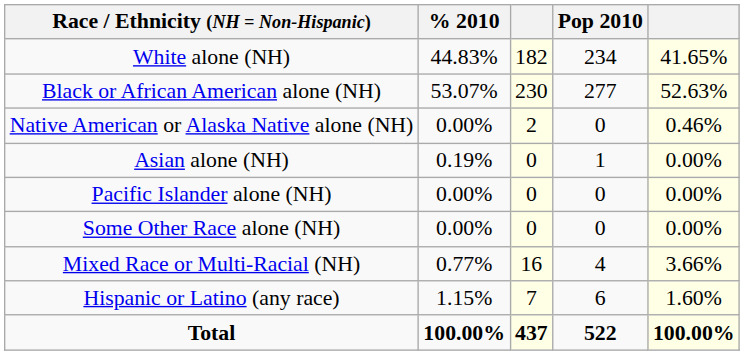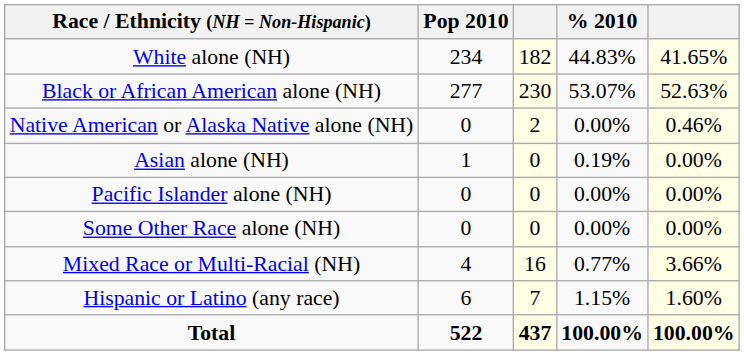 <table class="wikitable" style="text-align:center;">
 <tr>
 <th>Race / Ethnicity <small>(<em>NH = Non-Hispanic</em>)</small></th>
+<th>Pop 2010</th>
+<th></th>
 <th>% 2010</th>
-<th></th>
-<th>Pop 2010</th>
 <th></th>
 </tr>
 <tr>
 <td><a href='#'>White</a> alone (NH)</td>
+<td>234</td>
+<td style='background: #ffffe6;'>182</td>
 <td>44.83%</td>
-<td style='background: #ffffe6;'>182</td>
-<td>234</td>
 <td style='background: #ffffe6;'>41.65%</td>
 </tr>
 <tr>
 <td><a href='#'>Black or African American</a> alone (NH)</td>
+<td>277</td>
+<td style='background: #ffffe6;'>230</td>
 <td>53.07%</td>
-<td style='background: #ffffe6;'>230</td>
-<td>277</td>
 <td style='background: #ffffe6;'>52.63%</td>
 </tr>
 <tr>
 <td><a href='#'>Native American</a> or <a href='#'>Alaska Native</a> alone (NH)</td>
+<td>0</td>
+<td style='background: #ffffe6;'>2</td>
 <td>0.00%</td>
-<td style='background: #ffffe6;'>2</td>
-<td>0</td>
 <td style='background: #ffffe6;'>0.46%</td>
 </tr>
 <tr>
 <td><a href='#'>Asian</a> alone (NH)</td>
+<td>1</td>
+<td style='background: #ffffe6;'>0</td>
 <td>0.19%</td>
-<td style='background: #ffffe6;'>0</td>
-<td>1</td>
 <td style='background: #ffffe6;'>0.00%</td>
 </tr>
 <tr>
 <td><a href='#'>Pacific Islander</a> alone (NH)</td>
+<td>0</td>
+<td style='background: #ffffe6;'>0</td>
 <td>0.00%</td>
-<td style='background: #ffffe6;'>0</td>
-<td>0</td>
 <td style='background: #ffffe6;'>0.00%</td>
 </tr>
 <tr>
 <td><a href='#'>Some Other Race</a> alone (NH)</td>
+<td>0</td>
+<td style='background: #ffffe6;'>0</td>
 <td>0.00%</td>
-<td style='background: #ffffe6;'>0</td>
-<td>0</td>
 <td style='background: #ffffe6;'>0.00%</td>
 </tr>
 <tr>
 <td><a href='#'>Mixed Race or Multi-Racial</a> (NH)</td>
+<td>4</td>
+<td style='background: #ffffe6;'>16</td>
 <td>0.77%</td>
-<td style='background: #ffffe6;'>16</td>
-<td>4</td>
 <td style='background: #ffffe6;'>3.66%</td>
 </tr>
 <tr>
 <td><a href='#'>Hispanic or Latino</a> (any race)</td>
+<td>6</td>
+<td style='background: #ffffe6;'>7</td>
 <td>1.15%</td>
-<td style='background: #ffffe6;'>7</td>
-<td>6</td>
 <td style='background: #ffffe6;'>1.60%</td>
 </tr>
 <tr>
 <td><strong>Total</strong></td>
+<td><strong>522</strong></td>
+<td style='background: #ffffe6;'><strong>437</strong></td>
 <td><strong>100.00%</strong></td>
-<td style='background: #ffffe6;'><strong>437</strong></td>
-<td><strong>522</strong></td>
 <td style='background: #ffffe6;'><strong>100.00%</strong></td>
 </tr>
 </table>
